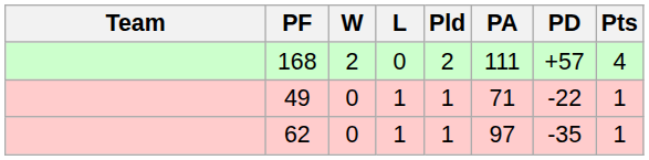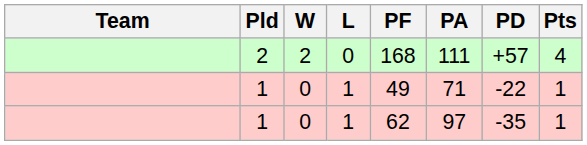 <table class="wikitable" style="text-align:center;">
 <tr>
 <th width=170>Team</th>
-<th width=35>PF</th>
+<th width=25>Pld</th>
 <th width=25>W</th>
 <th width=25>L</th>
-<th width=25>Pld</th>
+<th width=35>PF</th>
 <th width=35>PA</th>
 <th width=35>PD</th>
 <th width=25>Pts</th>
 </tr>
 <tr style="background:#cfc;">
 <td align="left"></td>
-<td>168</td>
+<td>2</td>
 <td>2</td>
 <td>0</td>
-<td>2</td>
+<td>168</td>
 <td>111</td>
 <td>+57</td>
 <td>4</td>
 </tr>
 <tr style="background:#fcc;">
 <td align="left"></td>
-<td>49</td>
+<td>1</td>
 <td>0</td>
 <td>1</td>
-<td>1</td>
+<td>49</td>
 <td>71</td>
 <td>-22</td>
 <td>1</td>
 </tr>
 <tr style="background:#fcc;">
 <td align="left"></td>
-<td>62</td>
+<td>1</td>
 <td>0</td>
 <td>1</td>
-<td>1</td>
+<td>62</td>
 <td>97</td>
 <td>-35</td>
 <td>1</td>
 </tr>
 </table>
